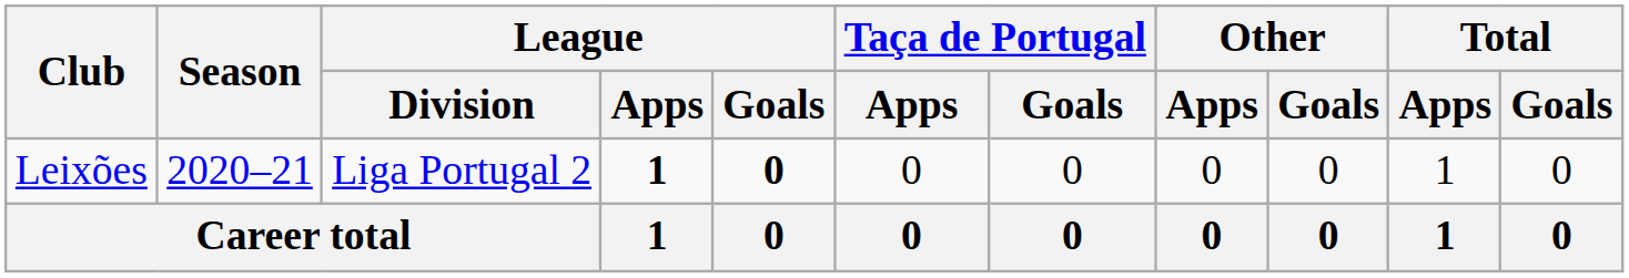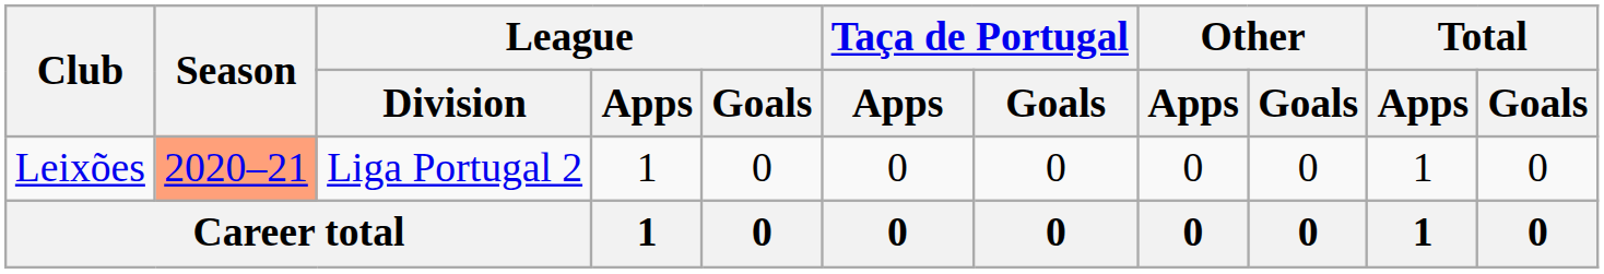 <table class="wikitable" style="text-align: center;">
 <tr>
 <th rowspan="2">Club</th>
 <th rowspan="2">Season</th>
 <th colspan="3">League</th>
 <th colspan="2"><a href='#'>Taça de Portugal</a></th>
 <th colspan="2">Other</th>
 <th colspan="2">Total</th>
 </tr>
 <tr>
 <th>Division</th>
 <th>Apps</th>
 <th>Goals</th>
 <th>Apps</th>
 <th>Goals</th>
 <th>Apps</th>
 <th>Goals</th>
 <th>Apps</th>
 <th>Goals</th>
 </tr>
 <tr>
 <td><a href='#'>Leixões</a></td>
-<td><a href='#'>2020–21</a></td>
+<td style="background: lightsalmon;"><a href='#'>2020–21</a></td>
 <td><a href='#'>Liga Portugal 2</a></td>
-<td><strong>1</strong></td>
-<td><strong>0</strong></td>
+<td>1</td>
+<td>0</td>
 <td>0</td>
 <td>0</td>
 <td>0</td>
 <td>0</td>
 <td>1</td>
 <td>0</td>
 </tr>
 <tr>
 <th colspan="3"><strong>Career total</strong></th>
 <th>1</th>
 <th>0</th>
 <th>0</th>
 <th>0</th>
 <th>0</th>
 <th>0</th>
 <th>1</th>
 <th>0</th>
 </tr>
 </table>
